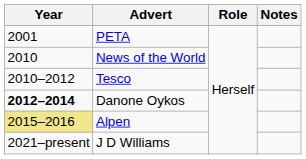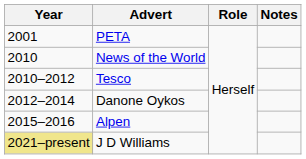 <table class="wikitable">
 <tr>
 <th>Year</th>
 <th>Advert</th>
 <th>Role</th>
 <th>Notes</th>
 </tr>
 <tr>
 <td>2001</td>
 <td><a href='#'>PETA</a></td>
 <td rowspan="6">Herself</td>
 <td></td>
 </tr>
 <tr>
 <td>2010</td>
 <td><a href='#'>News of the World</a></td>
 <td></td>
 </tr>
 <tr>
 <td>2010–2012</td>
 <td><a href='#'>Tesco</a></td>
 <td></td>
 </tr>
 <tr>
-<td><strong>2012–2014</strong></td>
+<td>2012–2014</td>
 <td>Danone Oykos</td>
 <td></td>
 </tr>
 <tr>
-<td style="background: khaki;">2015–2016</td>
+<td>2015–2016</td>
 <td><a href='#'>Alpen</a></td>
 <td></td>
 </tr>
 <tr>
-<td>2021–present</td>
+<td style="background: khaki;">2021–present</td>
 <td>J D Williams</td>
 <td></td>
 </tr>
 </table>
